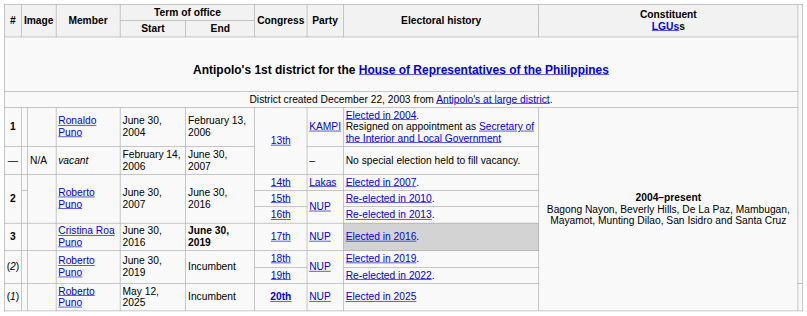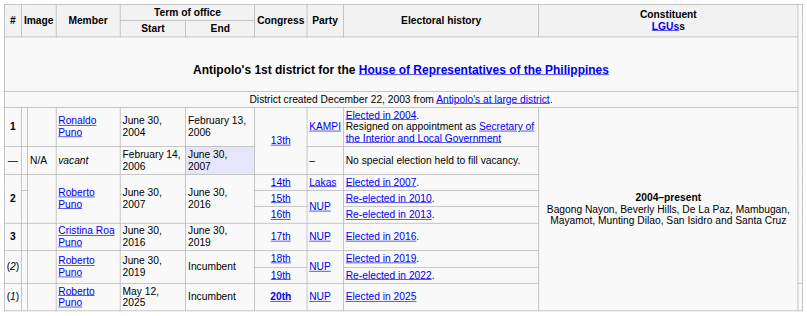 <table class=wikitable>
 <tr>
 <th rowspan="2">#</th>
 <th rowspan="2" colspan=2>Image</th>
 <th rowspan="2">Member</th>
 <th colspan=2>Term of office</th>
 <th rowspan="2">Congress</th>
 <th rowspan="2">Party</th>
 <th rowspan="2">Electoral history</th>
 <th rowspan="2">Constituent<br><a href='#'>LGUs</a>s</th>
 </tr>
 <tr>
 <th>Start</th>
 <th>End</th>
 </tr>
 <tr>
 <td colspan="10" style="text-align:center;"><br><h3>Antipolo's 1st district for the <a href='#'>House of Representatives of the Philippines</a></h3></td>
 </tr>
 <tr>
 <td colspan="10" style="text-align:center;">District created December 22, 2003 from <a href='#'>Antipolo's at large district</a>.</td>
 </tr>
 <tr>
 <td style="text-align:center;"><strong>1</strong></td>
 <td style="color:inherit;background:"></td>
 <td></td>
 <td><a href='#'>Ronaldo Puno</a></td>
 <td>June 30, 2004</td>
 <td>February 13, 2006</td>
 <td rowspan="2" style="text-align:center;"><a href='#'>13th</a></td>
 <td><a href='#'>KAMPI</a></td>
 <td><a href='#'>Elected in 2004</a>.<br>Resigned on appointment as <a href='#'>Secretary of the Interior and Local Government</a></td>
 <td rowspan="9" style="text-align:center;"><strong>2004–present</strong><br>Bagong Nayon, Beverly Hills, De La Paz, Mambugan, Mayamot, Munting Dilao, San Isidro and Santa Cruz</td>
 </tr>
 <tr>
 <td style="text-align:center;">—</td>
 <td></td>
 <td>N/A</td>
 <td><em>vacant</em></td>
 <td>February 14, 2006</td>
-<td>June 30, 2007</td>
+<td style="background: lavender;">June 30, 2007</td>
 <td>–</td>
 <td>No special election held to fill vacancy.</td>
 </tr>
 <tr>
 <td rowspan="3" style="text-align:center;"><strong>2</strong></td>
 <td style="color:inherit;background:"></td>
 <td rowspan="3"></td>
 <td rowspan="3"><a href='#'>Roberto Puno</a></td>
 <td rowspan="3">June 30, 2007</td>
 <td rowspan="3">June 30, 2016</td>
 <td style="text-align:center;"><a href='#'>14th</a></td>
 <td><a href='#'>Lakas</a></td>
 <td><a href='#'>Elected in 2007</a>.</td>
 </tr>
 <tr>
 <td rowspan="2" style="color:inherit;background:"></td>
 <td style="text-align:center;"><a href='#'>15th</a></td>
 <td rowspan="2"><a href='#'>NUP</a></td>
 <td><a href='#'>Re-elected in 2010</a>.</td>
 </tr>
 <tr>
 <td style="text-align:center;"><a href='#'>16th</a></td>
 <td><a href='#'>Re-elected in 2013</a>.</td>
 </tr>
 <tr>
 <td style="text-align:center;"><strong>3</strong></td>
 <td style="color:inherit;background:"></td>
 <td></td>
 <td><a href='#'>Cristina Roa Puno</a></td>
 <td>June 30, 2016</td>
-<td><strong>June 30, 2019</strong></td>
+<td>June 30, 2019</td>
 <td style="text-align:center;"><a href='#'>17th</a></td>
 <td><a href='#'>NUP</a></td>
-<td style="background: lightgrey;"><a href='#'>Elected in 2016</a>.</td>
+<td><a href='#'>Elected in 2016</a>.</td>
 </tr>
 <tr>
 <td rowspan="2" style="text-align:center;">(<em>2</em>)</td>
 <td rowspan="2" style="color:inherit;background:"></td>
 <td rowspan="2"></td>
 <td rowspan="2"><a href='#'>Roberto Puno</a></td>
 <td rowspan="2">June 30, 2019</td>
 <td rowspan="2">Incumbent</td>
 <td style="text-align:center;"><a href='#'>18th</a></td>
 <td rowspan="2"><a href='#'>NUP</a></td>
 <td><a href='#'>Elected in 2019</a>.</td>
 </tr>
 <tr>
 <td style="text-align:center;"><a href='#'>19th</a></td>
 <td><a href='#'>Re-elected in 2022</a>.</td>
 </tr>
 <tr>
 <td style="text-align: center;">(<em>1</em>)</td>
 <td style="color:inherit;background:"></td>
 <td></td>
 <td><a href='#'>Roberto Puno</a></td>
 <td>May 12, 2025</td>
 <td>Incumbent</td>
 <td style="text-align: center;"><strong><a href='#'>20th</a></strong></td>
 <td><a href='#'>NUP</a></td>
 <td><a href='#'>Elected in 2025</a></td>
 <td style="text-align: center;"></td>
 </tr>
 </table>
